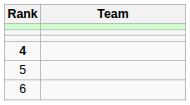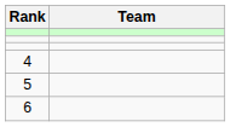 <table class="wikitable" style="text-align:center;">
 <tr>
 <th width=40>Rank</th>
 <th width=180>Team</th>
 </tr>
 <tr bgcolor=#ccffcc>
 <td></td>
 <td style="text-align:left;"></td>
 </tr>
 <tr>
 <td></td>
 <td style="text-align:left;"></td>
 </tr>
 <tr>
 <td></td>
 <td style="text-align:left;"></td>
 </tr>
 <tr>
-<td><strong>4</strong></td>
+<td>4</td>
 <td style="text-align:left;"></td>
 </tr>
 <tr>
 <td>5</td>
 <td style="text-align:left;"></td>
 </tr>
 <tr>
 <td>6</td>
 <td style="text-align:left;"></td>
 </tr>
 </table>
